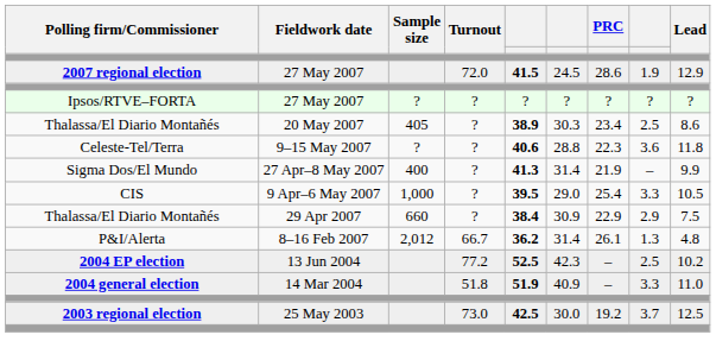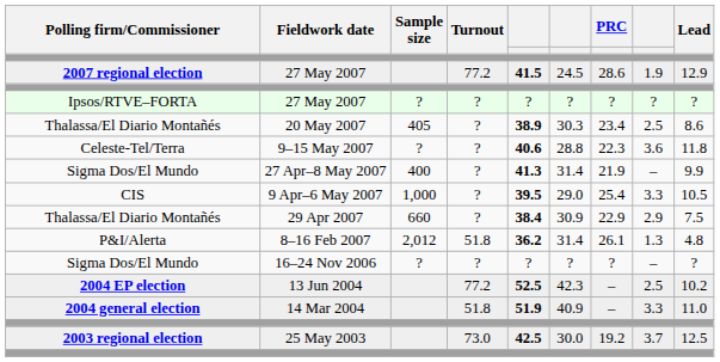 <table class="wikitable collapsible collapsed" style="text-align:center; font-size:95%; line-height:16px;">
 <tr style="height:42px;">
 <th style="width:250px;" rowspan="2">Polling firm/Commissioner</th>
 <th style="width:125px;" rowspan="2">Fieldwork date</th>
 <th style="width:50px;" rowspan="2">Sample size</th>
 <th style="width:45px;" rowspan="2">Turnout</th>
 <th style="width:35px;"></th>
 <th style="width:35px;"></th>
 <th style="width:35px;"><a href='#'>PRC</a></th>
 <th style="width:35px;"></th>
 <th style="width:30px;" rowspan="2">Lead</th>
 </tr>
 <tr>
 <th style="color:inherit;background:"></th>
 <th style="color:inherit;background:"></th>
 <th style="color:inherit;background:"></th>
 <th style="color:inherit;background:"></th>
 </tr>
 <tr>
 <td colspan="9" style="background:#A0A0A0"></td>
 </tr>
 <tr style="background:#EFEFEF;">
 <td><strong><a href='#'>2007 regional election</a></strong></td>
 <td>27 May 2007</td>
 <td></td>
-<td>72.0</td>
+<td>77.2</td>
 <td><strong>41.5</strong><br></td>
 <td>24.5<br></td>
 <td>28.6<br></td>
 <td>1.9<br></td>
 <td style="background:">12.9</td>
 </tr>
 <tr>
 <td colspan="9" style="background:#A0A0A0"></td>
 </tr>
 <tr style="background:#EAFFEA;">
 <td>Ipsos/RTVE–FORTA</td>
 <td>27 May 2007</td>
 <td>?</td>
 <td>?</td>
 <td>?<br></td>
 <td>?<br></td>
 <td>?<br></td>
 <td>?<br></td>
 <td style="background:">?</td>
 </tr>
 <tr>
 <td>Thalassa/El Diario Montañés</td>
 <td>20 May 2007</td>
 <td>405</td>
 <td>?</td>
 <td><strong>38.9</strong><br></td>
 <td>30.3<br></td>
 <td>23.4<br></td>
 <td>2.5<br></td>
 <td style="background:">8.6</td>
 </tr>
 <tr>
 <td>Celeste-Tel/Terra</td>
 <td>9–15 May 2007</td>
 <td>?</td>
 <td>?</td>
 <td><strong>40.6</strong><br></td>
 <td>28.8<br></td>
 <td>22.3<br></td>
 <td>3.6<br></td>
 <td style="background:">11.8</td>
 </tr>
 <tr>
 <td>Sigma Dos/El Mundo</td>
 <td>27 Apr–8 May 2007</td>
 <td>400</td>
 <td>?</td>
 <td><strong>41.3</strong><br></td>
 <td>31.4<br></td>
 <td>21.9<br></td>
 <td>–</td>
 <td style="background:">9.9</td>
 </tr>
 <tr>
 <td>CIS</td>
 <td>9 Apr–6 May 2007</td>
 <td>1,000</td>
 <td>?</td>
 <td><strong>39.5</strong><br></td>
 <td>29.0<br></td>
 <td>25.4<br></td>
 <td>3.3<br></td>
 <td style="background:">10.5</td>
 </tr>
 <tr>
 <td>Thalassa/El Diario Montañés</td>
 <td>29 Apr 2007</td>
 <td>660</td>
 <td>?</td>
 <td><strong>38.4</strong><br></td>
 <td>30.9<br></td>
 <td>22.9<br></td>
 <td>2.9<br></td>
 <td style="background:">7.5</td>
 </tr>
 <tr>
 <td>P&I/Alerta</td>
 <td>8–16 Feb 2007</td>
 <td>2,012</td>
-<td>66.7</td>
+<td>51.8</td>
 <td><strong>36.2</strong><br></td>
 <td>31.4<br></td>
 <td>26.1<br></td>
 <td>1.3<br></td>
 <td style="background:">4.8</td>
+</tr>
+<tr>
+<td>Sigma Dos/El Mundo</td>
+<td>16–24 Nov 2006</td>
+<td>?</td>
+<td>?</td>
+<td>?<br></td>
+<td>?<br></td>
+<td>?<br></td>
+<td>–</td>
+<td style="background:">?</td>
 </tr>
 <tr style="background:#EFEFEF;">
 <td><strong><a href='#'>2004 EP election</a></strong></td>
 <td>13 Jun 2004</td>
 <td></td>
 <td>77.2</td>
 <td><strong>52.5</strong><br></td>
 <td>42.3<br></td>
 <td>–</td>
 <td>2.5<br></td>
 <td style="background:">10.2</td>
 </tr>
 <tr style="background:#EFEFEF;">
 <td><strong><a href='#'>2004 general election</a></strong></td>
 <td>14 Mar 2004</td>
 <td></td>
 <td>51.8</td>
 <td><strong>51.9</strong><br></td>
 <td>40.9<br></td>
 <td>–</td>
 <td>3.3<br></td>
 <td style="background:">11.0</td>
 </tr>
 <tr>
 <td colspan="9" style="background:#A0A0A0"></td>
 </tr>
 <tr style="background:#EFEFEF;">
 <td><strong><a href='#'>2003 regional election</a></strong></td>
 <td>25 May 2003</td>
 <td></td>
 <td>73.0</td>
 <td><strong>42.5</strong><br></td>
 <td>30.0<br></td>
 <td>19.2<br></td>
 <td>3.7<br></td>
 <td style="background:">12.5</td>
 </tr>
 <tr>
 <td colspan="9" style="background:#A0A0A0"></td>
 </tr>
 </table>
